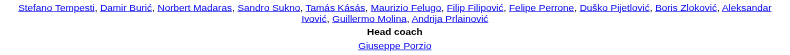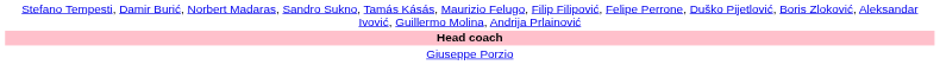 <table style="text-align: center; margin-top: 2em; margin-left: auto; margin-right: auto">
 <tr>
 <td><a href='#'>Stefano Tempesti</a>, <a href='#'>Damir Burić</a>, <a href='#'>Norbert Madaras</a>, <a href='#'>Sandro Sukno</a>, <a href='#'>Tamás Kásás</a>, <a href='#'>Maurizio Felugo</a>, <a href='#'>Filip Filipović</a>, <a href='#'>Felipe Perrone</a>, <a href='#'>Duško Pijetlović</a>, <a href='#'>Boris Zloković</a>, <a href='#'>Aleksandar Ivović</a>, <a href='#'>Guillermo Molina</a>, <a href='#'>Andrija Prlainović</a></td>
 </tr>
 <tr>
-<td><strong>Head coach</strong></td>
+<td style="background: pink;"><strong>Head coach</strong></td>
 </tr>
 <tr>
 <td><a href='#'>Giuseppe Porzio</a></td>
 </tr>
 </table>
